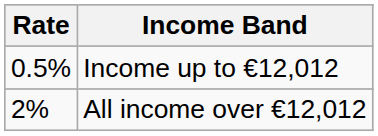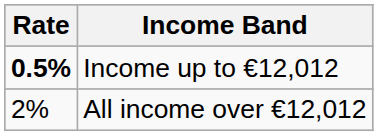 <table class="wikitable">
 <tr>
 <th>Rate</th>
 <th>Income Band</th>
 </tr>
 <tr>
-<td>0.5%</td>
+<td><strong>0.5%</strong></td>
 <td>Income up to €12,012</td>
 </tr>
 <tr>
 <td>2%</td>
 <td>All income over €12,012</td>
 </tr>
 </table>
